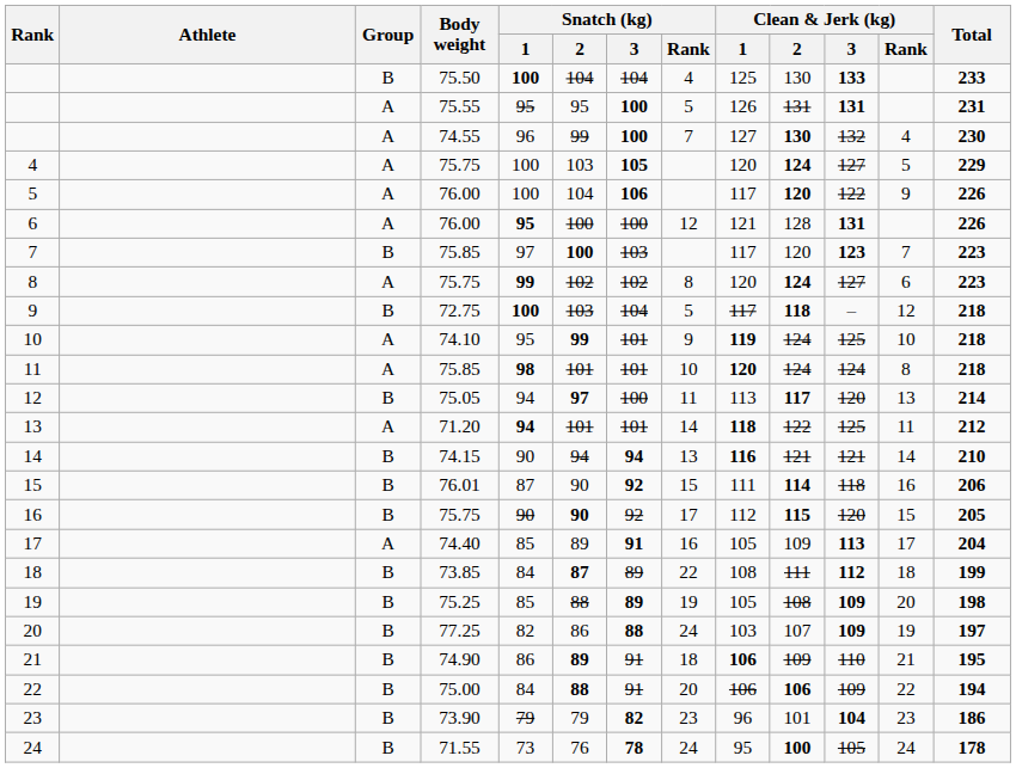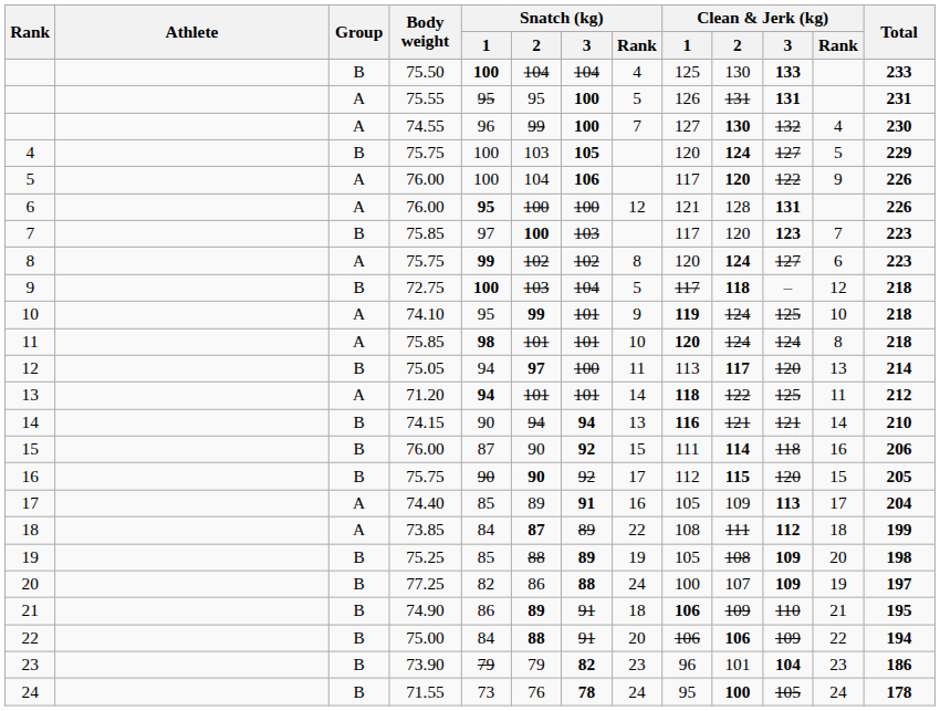 <table class = "wikitable" style="text-align:center;">
 <tr>
 <th rowspan=2 width=40>Rank</th>
 <th rowspan=2 width=250>Athlete</th>
 <th rowspan=2 width=50>Group</th>
 <th rowspan=2 width=60>Body weight</th>
 <th colspan=4>Snatch (kg)</th>
 <th colspan=4>Clean & Jerk (kg)</th>
 <th rowspan=2 width=60>Total</th>
 </tr>
 <tr>
 <th width=40>1</th>
 <th width=40>2</th>
 <th width=40>3</th>
 <th width=40>Rank</th>
 <th width=40>1</th>
 <th width=40>2</th>
 <th width=40>3</th>
 <th width=40>Rank</th>
 </tr>
 <tr>
 <td></td>
 <td align=left></td>
 <td>B</td>
 <td>75.50</td>
 <td><strong>100</strong></td>
 <td><s>104</s></td>
 <td><s>104</s></td>
 <td>4</td>
 <td>125</td>
 <td>130</td>
 <td><strong>133</strong></td>
 <td></td>
 <td><strong>233</strong></td>
 </tr>
 <tr>
 <td></td>
 <td align=left></td>
 <td>A</td>
 <td>75.55</td>
 <td><s>95</s></td>
 <td>95</td>
 <td><strong>100</strong></td>
 <td>5</td>
 <td>126</td>
 <td><s>131</s></td>
 <td><strong>131</strong></td>
 <td></td>
 <td><strong>231</strong></td>
 </tr>
 <tr>
 <td></td>
 <td align=left></td>
 <td>A</td>
 <td>74.55</td>
 <td>96</td>
 <td><s>99</s></td>
 <td><strong>100</strong></td>
 <td>7</td>
 <td>127</td>
 <td><strong>130</strong></td>
 <td><s>132</s></td>
 <td>4</td>
 <td><strong>230</strong></td>
 </tr>
 <tr>
 <td>4</td>
 <td align=left></td>
-<td>A</td>
+<td>B</td>
 <td>75.75</td>
 <td>100</td>
 <td>103</td>
 <td><strong>105</strong></td>
 <td></td>
 <td>120</td>
 <td><strong>124</strong></td>
 <td><s>127</s></td>
 <td>5</td>
 <td><strong>229</strong></td>
 </tr>
 <tr>
 <td>5</td>
 <td align=left></td>
 <td>A</td>
 <td>76.00</td>
 <td>100</td>
 <td>104</td>
 <td><strong>106</strong></td>
 <td></td>
 <td>117</td>
 <td><strong>120</strong></td>
 <td><s>122</s></td>
 <td>9</td>
 <td><strong>226</strong></td>
 </tr>
 <tr>
 <td>6</td>
 <td align=left></td>
 <td>A</td>
 <td>76.00</td>
 <td><strong>95</strong></td>
 <td><s>100</s></td>
 <td><s>100</s></td>
 <td>12</td>
 <td>121</td>
 <td>128</td>
 <td><strong>131</strong></td>
 <td></td>
 <td><strong>226</strong></td>
 </tr>
 <tr>
 <td>7</td>
 <td align=left></td>
 <td>B</td>
 <td>75.85</td>
 <td>97</td>
 <td><strong>100</strong></td>
 <td><s>103</s></td>
 <td></td>
 <td>117</td>
 <td>120</td>
 <td><strong>123</strong></td>
 <td>7</td>
 <td><strong>223</strong></td>
 </tr>
 <tr>
 <td>8</td>
 <td align=left></td>
 <td>A</td>
 <td>75.75</td>
 <td><strong>99</strong></td>
 <td><s>102</s></td>
 <td><s>102</s></td>
 <td>8</td>
 <td>120</td>
 <td><strong>124</strong></td>
 <td><s>127</s></td>
 <td>6</td>
 <td><strong>223</strong></td>
 </tr>
 <tr>
 <td>9</td>
 <td align=left></td>
 <td>B</td>
 <td>72.75</td>
 <td><strong>100</strong></td>
 <td><s>103</s></td>
 <td><s>104</s></td>
 <td>5</td>
 <td><s>117</s></td>
 <td><strong>118</strong></td>
 <td>–</td>
 <td>12</td>
 <td><strong>218</strong></td>
 </tr>
 <tr>
 <td>10</td>
 <td align=left></td>
 <td>A</td>
 <td>74.10</td>
 <td>95</td>
 <td><strong>99</strong></td>
 <td><s>101</s></td>
 <td>9</td>
 <td><strong>119</strong></td>
 <td><s>124</s></td>
 <td><s>125</s></td>
 <td>10</td>
 <td><strong>218</strong></td>
 </tr>
 <tr>
 <td>11</td>
 <td align=left></td>
 <td>A</td>
 <td>75.85</td>
 <td><strong>98</strong></td>
 <td><s>101</s></td>
 <td><s>101</s></td>
 <td>10</td>
 <td><strong>120</strong></td>
 <td><s>124</s></td>
 <td><s>124</s></td>
 <td>8</td>
 <td><strong>218</strong></td>
 </tr>
 <tr>
 <td>12</td>
 <td align=left></td>
 <td>B</td>
 <td>75.05</td>
 <td>94</td>
 <td><strong>97</strong></td>
 <td><s>100</s></td>
 <td>11</td>
 <td>113</td>
 <td><strong>117</strong></td>
 <td><s>120</s></td>
 <td>13</td>
 <td><strong>214</strong></td>
 </tr>
 <tr>
 <td>13</td>
 <td align=left></td>
 <td>A</td>
 <td>71.20</td>
 <td><strong>94</strong></td>
 <td><s>101</s></td>
 <td><s>101</s></td>
 <td>14</td>
 <td><strong>118</strong></td>
 <td><s>122</s></td>
 <td><s>125</s></td>
 <td>11</td>
 <td><strong>212</strong></td>
 </tr>
 <tr>
 <td>14</td>
 <td align=left></td>
 <td>B</td>
 <td>74.15</td>
 <td>90</td>
 <td><s>94</s></td>
 <td><strong>94</strong></td>
 <td>13</td>
 <td><strong>116</strong></td>
 <td><s>121</s></td>
 <td><s>121</s></td>
 <td>14</td>
 <td><strong>210</strong></td>
 </tr>
 <tr>
 <td>15</td>
 <td align=left></td>
 <td>B</td>
-<td>76.01</td>
+<td>76.00</td>
 <td>87</td>
 <td>90</td>
 <td><strong>92</strong></td>
 <td>15</td>
 <td>111</td>
 <td><strong>114</strong></td>
 <td><s>118</s></td>
 <td>16</td>
 <td><strong>206</strong></td>
 </tr>
 <tr>
 <td>16</td>
 <td align=left></td>
 <td>B</td>
 <td>75.75</td>
 <td><s>90</s></td>
 <td><strong>90</strong></td>
 <td><s>92</s></td>
 <td>17</td>
 <td>112</td>
 <td><strong>115</strong></td>
 <td><s>120</s></td>
 <td>15</td>
 <td><strong>205</strong></td>
 </tr>
 <tr>
 <td>17</td>
 <td align=left></td>
 <td>A</td>
 <td>74.40</td>
 <td>85</td>
 <td>89</td>
 <td><strong>91</strong></td>
 <td>16</td>
 <td>105</td>
 <td>109</td>
 <td><strong>113</strong></td>
 <td>17</td>
 <td><strong>204</strong></td>
 </tr>
 <tr>
 <td>18</td>
 <td align=left></td>
-<td>B</td>
+<td>A</td>
 <td>73.85</td>
 <td>84</td>
 <td><strong>87</strong></td>
 <td><s>89</s></td>
 <td>22</td>
 <td>108</td>
 <td><s>111</s></td>
 <td><strong>112</strong></td>
 <td>18</td>
 <td><strong>199</strong></td>
 </tr>
 <tr>
 <td>19</td>
 <td align=left></td>
 <td>B</td>
 <td>75.25</td>
 <td>85</td>
 <td><s>88</s></td>
 <td><strong>89</strong></td>
 <td>19</td>
 <td>105</td>
 <td><s>108</s></td>
 <td><strong>109</strong></td>
 <td>20</td>
 <td><strong>198</strong></td>
 </tr>
 <tr>
 <td>20</td>
 <td align=left></td>
 <td>B</td>
 <td>77.25</td>
 <td>82</td>
 <td>86</td>
 <td><strong>88</strong></td>
 <td>24</td>
-<td>103</td>
+<td>100</td>
 <td>107</td>
 <td><strong>109</strong></td>
 <td>19</td>
 <td><strong>197</strong></td>
 </tr>
 <tr>
 <td>21</td>
 <td align=left></td>
 <td>B</td>
 <td>74.90</td>
 <td>86</td>
 <td><strong>89</strong></td>
 <td><s>91</s></td>
 <td>18</td>
 <td><strong>106</strong></td>
 <td><s>109</s></td>
 <td><s>110</s></td>
 <td>21</td>
 <td><strong>195</strong></td>
 </tr>
 <tr>
 <td>22</td>
 <td align=left></td>
 <td>B</td>
 <td>75.00</td>
 <td>84</td>
 <td><strong>88</strong></td>
 <td><s>91</s></td>
 <td>20</td>
 <td><s>106</s></td>
 <td><strong>106</strong></td>
 <td><s>109</s></td>
 <td>22</td>
 <td><strong>194</strong></td>
 </tr>
 <tr>
 <td>23</td>
 <td align=left></td>
 <td>B</td>
 <td>73.90</td>
 <td><s>79</s></td>
 <td>79</td>
 <td><strong>82</strong></td>
 <td>23</td>
 <td>96</td>
 <td>101</td>
 <td><strong>104</strong></td>
 <td>23</td>
 <td><strong>186</strong></td>
 </tr>
 <tr>
 <td>24</td>
 <td align=left></td>
 <td>B</td>
 <td>71.55</td>
 <td>73</td>
 <td>76</td>
 <td><strong>78</strong></td>
 <td>24</td>
 <td>95</td>
 <td><strong>100</strong></td>
 <td><s>105</s></td>
 <td>24</td>
 <td><strong>178</strong></td>
 </tr>
 </table>
